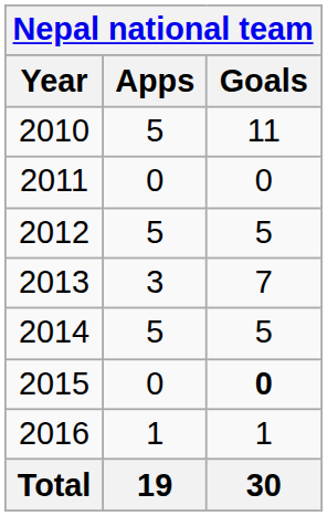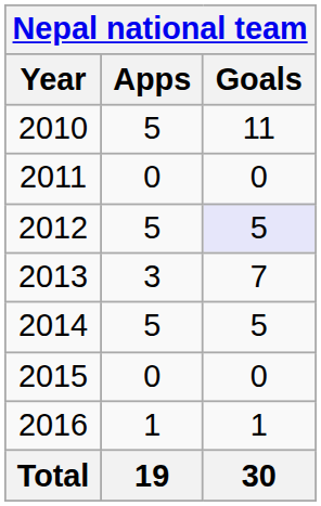 <table class="wikitable" style="text-align:center">
 <tr>
 <th colspan=3><a href='#'>Nepal national team</a></th>
 </tr>
 <tr>
 <th>Year</th>
 <th>Apps</th>
 <th>Goals</th>
 </tr>
 <tr>
 <td>2010</td>
 <td>5</td>
 <td>11</td>
 </tr>
 <tr>
 <td>2011</td>
 <td>0</td>
 <td>0</td>
 </tr>
 <tr>
 <td>2012</td>
 <td>5</td>
-<td>5</td>
+<td style="background: lavender;">5</td>
 </tr>
 <tr>
 <td>2013</td>
 <td>3</td>
 <td>7</td>
 </tr>
 <tr>
 <td>2014</td>
 <td>5</td>
 <td>5</td>
 </tr>
 <tr>
 <td>2015</td>
 <td>0</td>
-<td><strong>0</strong></td>
+<td>0</td>
 </tr>
 <tr>
 <td>2016</td>
 <td>1</td>
 <td>1</td>
 </tr>
 <tr>
 <th>Total</th>
 <th>19</th>
 <th>30</th>
 </tr>
 </table>
